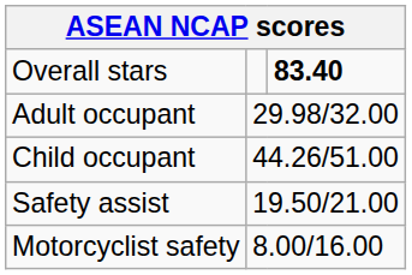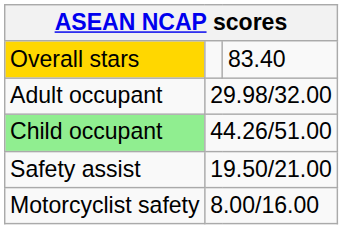 <table class="wikitable">
 <tr>
 <th colspan="3"><a href='#'>ASEAN NCAP</a> scores</th>
 </tr>
 <tr>
-<td>Overall stars</td>
+<td style="background: gold;">Overall stars</td>
 <td></td>
-<td><strong>83.40</strong></td>
+<td>83.40</td>
 </tr>
 <tr>
 <td>Adult occupant</td>
 <td colspan="2">29.98/32.00</td>
 </tr>
 <tr>
-<td>Child occupant</td>
+<td style="background: lightgreen;">Child occupant</td>
 <td colspan="2">44.26/51.00</td>
 </tr>
 <tr>
 <td>Safety assist</td>
 <td colspan="2">19.50/21.00</td>
 </tr>
 <tr>
 <td>Motorcyclist safety</td>
 <td colspan="2">8.00/16.00</td>
 </tr>
 </table>
